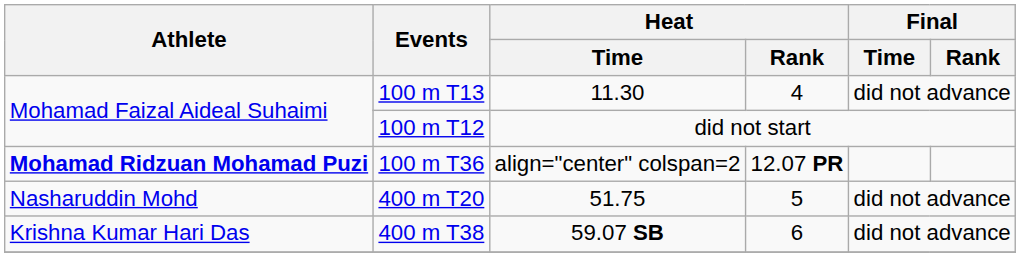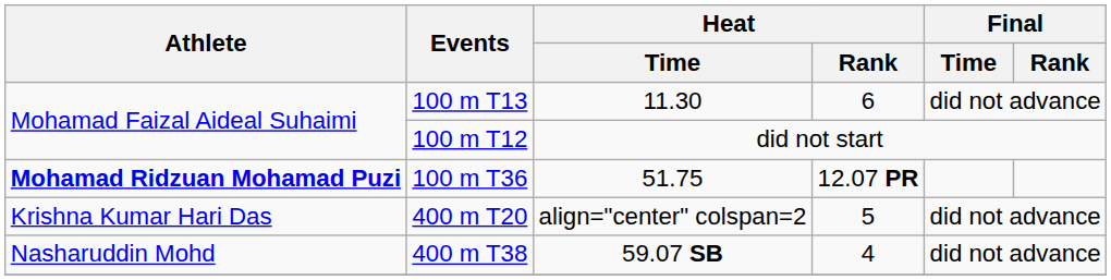 <table class=wikitable>
 <tr>
 <th rowspan="2">Athlete</th>
 <th rowspan="2">Events</th>
 <th colspan="2">Heat</th>
 <th colspan="2">Final</th>
 </tr>
 <tr>
 <th>Time</th>
 <th>Rank</th>
 <th>Time</th>
 <th>Rank</th>
 </tr>
 <tr>
 <td rowspan=2><a href='#'>Mohamad Faizal Aideal Suhaimi</a></td>
 <td><a href='#'>100 m T13</a></td>
 <td align="center">11.30</td>
-<td align="center">4</td>
+<td align="center">6</td>
 <td align="center" colspan=2>did not advance</td>
 </tr>
 <tr>
 <td><a href='#'>100 m T12</a></td>
 <td align="center" colspan=4>did not start</td>
 </tr>
 <tr>
 <td><strong><a href='#'>Mohamad Ridzuan Mohamad Puzi</a></strong></td>
 <td><a href='#'>100 m T36</a></td>
-<td>align="center" colspan=2 </td>
+<td align="center">51.75</td>
 <td align="center">12.07 <strong>PR</strong></td>
 <td align="center"></td>
 </tr>
 <tr>
-<td><a href='#'>Nasharuddin Mohd</a></td>
+<td><a href='#'>Krishna Kumar Hari Das</a></td>
 <td><a href='#'>400 m T20</a></td>
-<td align="center">51.75</td>
+<td>align="center" colspan=2 </td>
 <td align="center">5</td>
 <td align="center" colspan=2>did not advance</td>
 </tr>
 <tr>
-<td><a href='#'>Krishna Kumar Hari Das</a></td>
+<td><a href='#'>Nasharuddin Mohd</a></td>
 <td><a href='#'>400 m T38</a></td>
 <td align="center">59.07 <strong>SB</strong></td>
-<td align="center">6</td>
+<td align="center">4</td>
 <td align="center" colspan=2>did not advance</td>
 </tr>
 <tr>
 </tr>
 </table>
